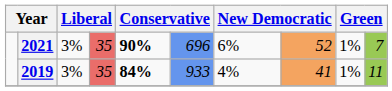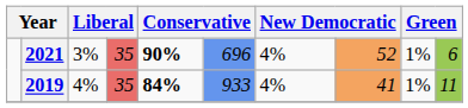 <table class="wikitable" style="float:right; width:400; font-size:90%; margin-left:1em;">
 <tr>
 <th colspan="2" scope="col">Year</th>
 <th colspan="2" scope="col"><a href='#'>Liberal</a></th>
 <th colspan="2" scope="col"><a href='#'>Conservative</a></th>
 <th colspan="2" scope="col"><a href='#'>New Democratic</a></th>
 <th colspan="2" scope="col"><a href='#'>Green</a></th>
 </tr>
 <tr>
 <td rowspan="2" style="width: 0.25em; background-color: "></td>
 <th><a href='#'>2021</a></th>
 <td>3%</td>
 <td style="text-align:right; background:#EA6D6A;"><em>35</em></td>
 <td><strong>90%</strong></td>
 <td style="text-align:right; background:#6495ED;"><em>696</em></td>
-<td>6%</td>
+<td>4%</td>
 <td style="text-align:right; background:#F4A460;"><em>52</em></td>
 <td>1%</td>
-<td style="text-align:right; background:#99C955;"><em>7</em></td>
+<td style="text-align:right; background:#99C955;"><em>6</em></td>
 </tr>
 <tr>
 <th><a href='#'>2019</a></th>
-<td>3%</td>
+<td>4%</td>
 <td style="text-align:right; background:#EA6D6A;"><em>35</em></td>
 <td><strong>84%</strong></td>
 <td style="text-align:right; background:#6495ED;"><em>933</em></td>
 <td>4%</td>
 <td style="text-align:right; background:#F4A460;"><em>41</em></td>
 <td>1%</td>
 <td style="text-align:right; background:#99C955;"><em>11</em></td>
 </tr>
 <tr>
 </tr>
 </table>
